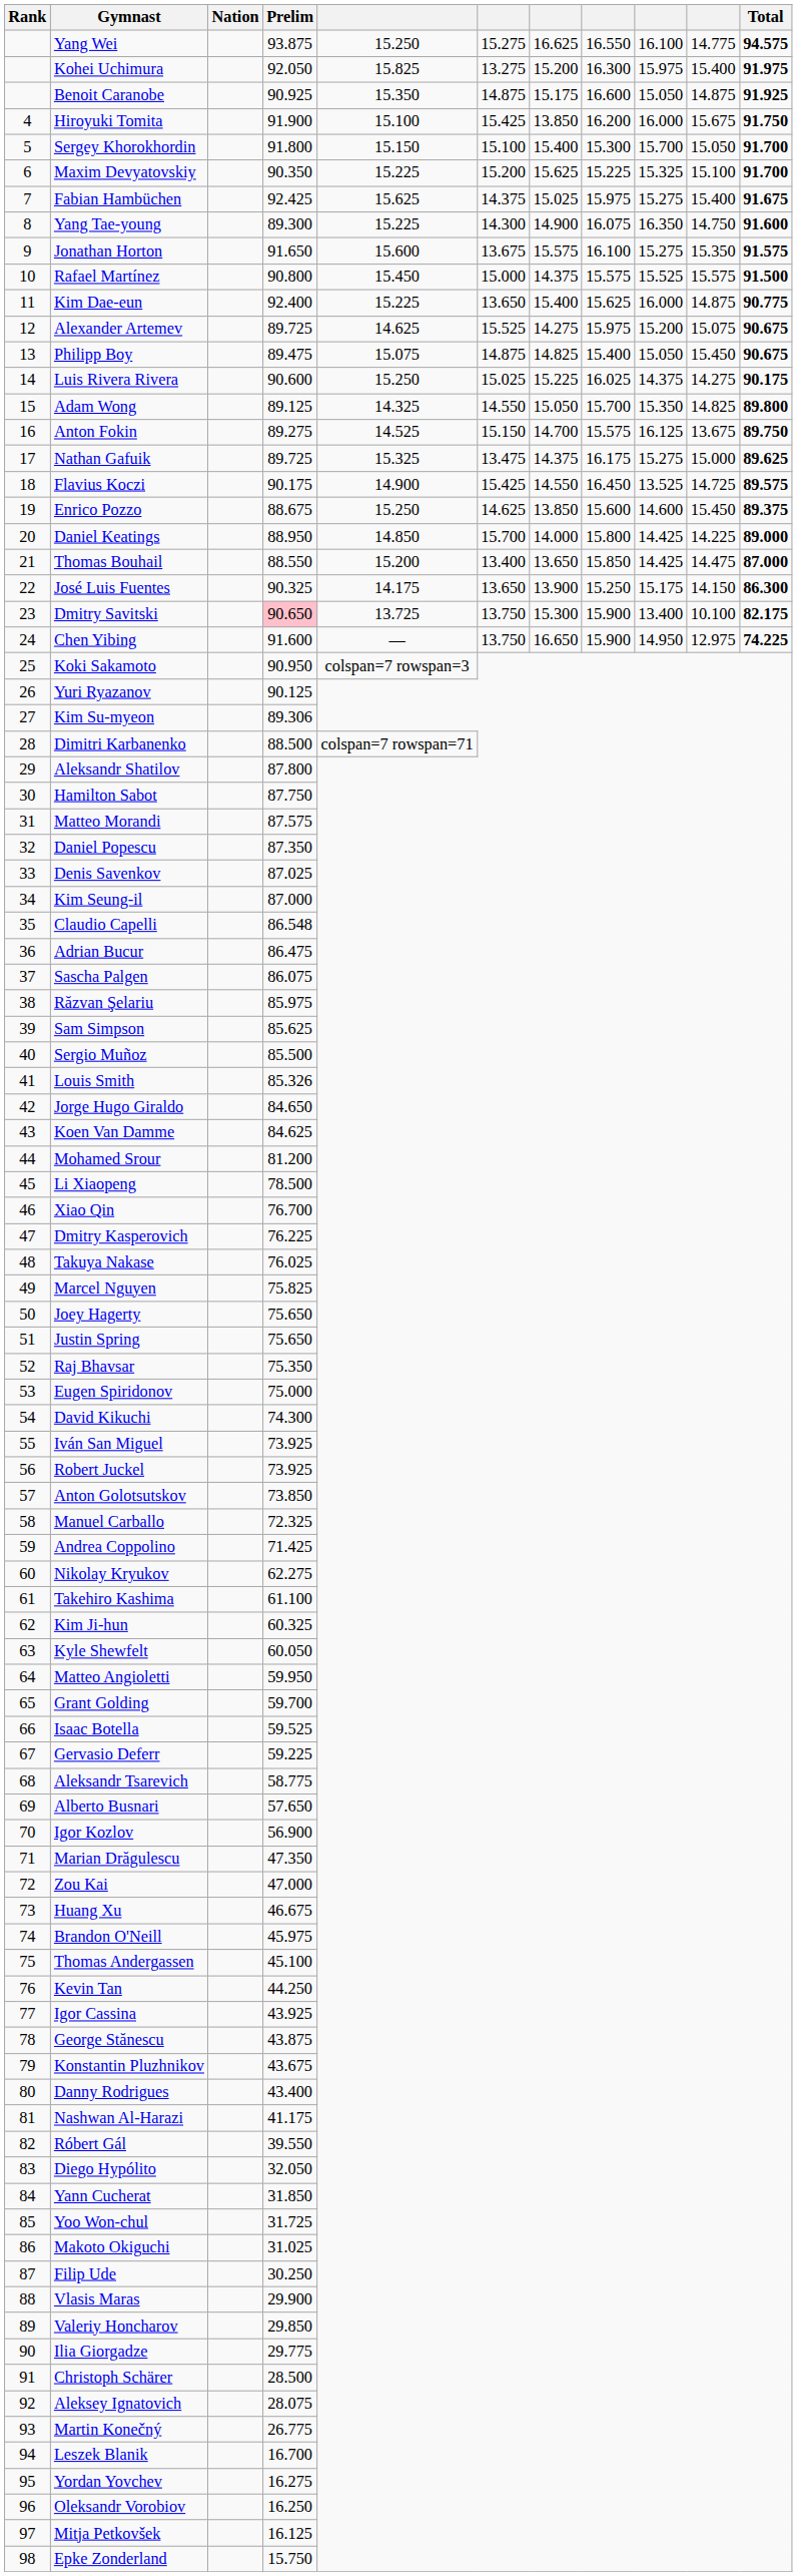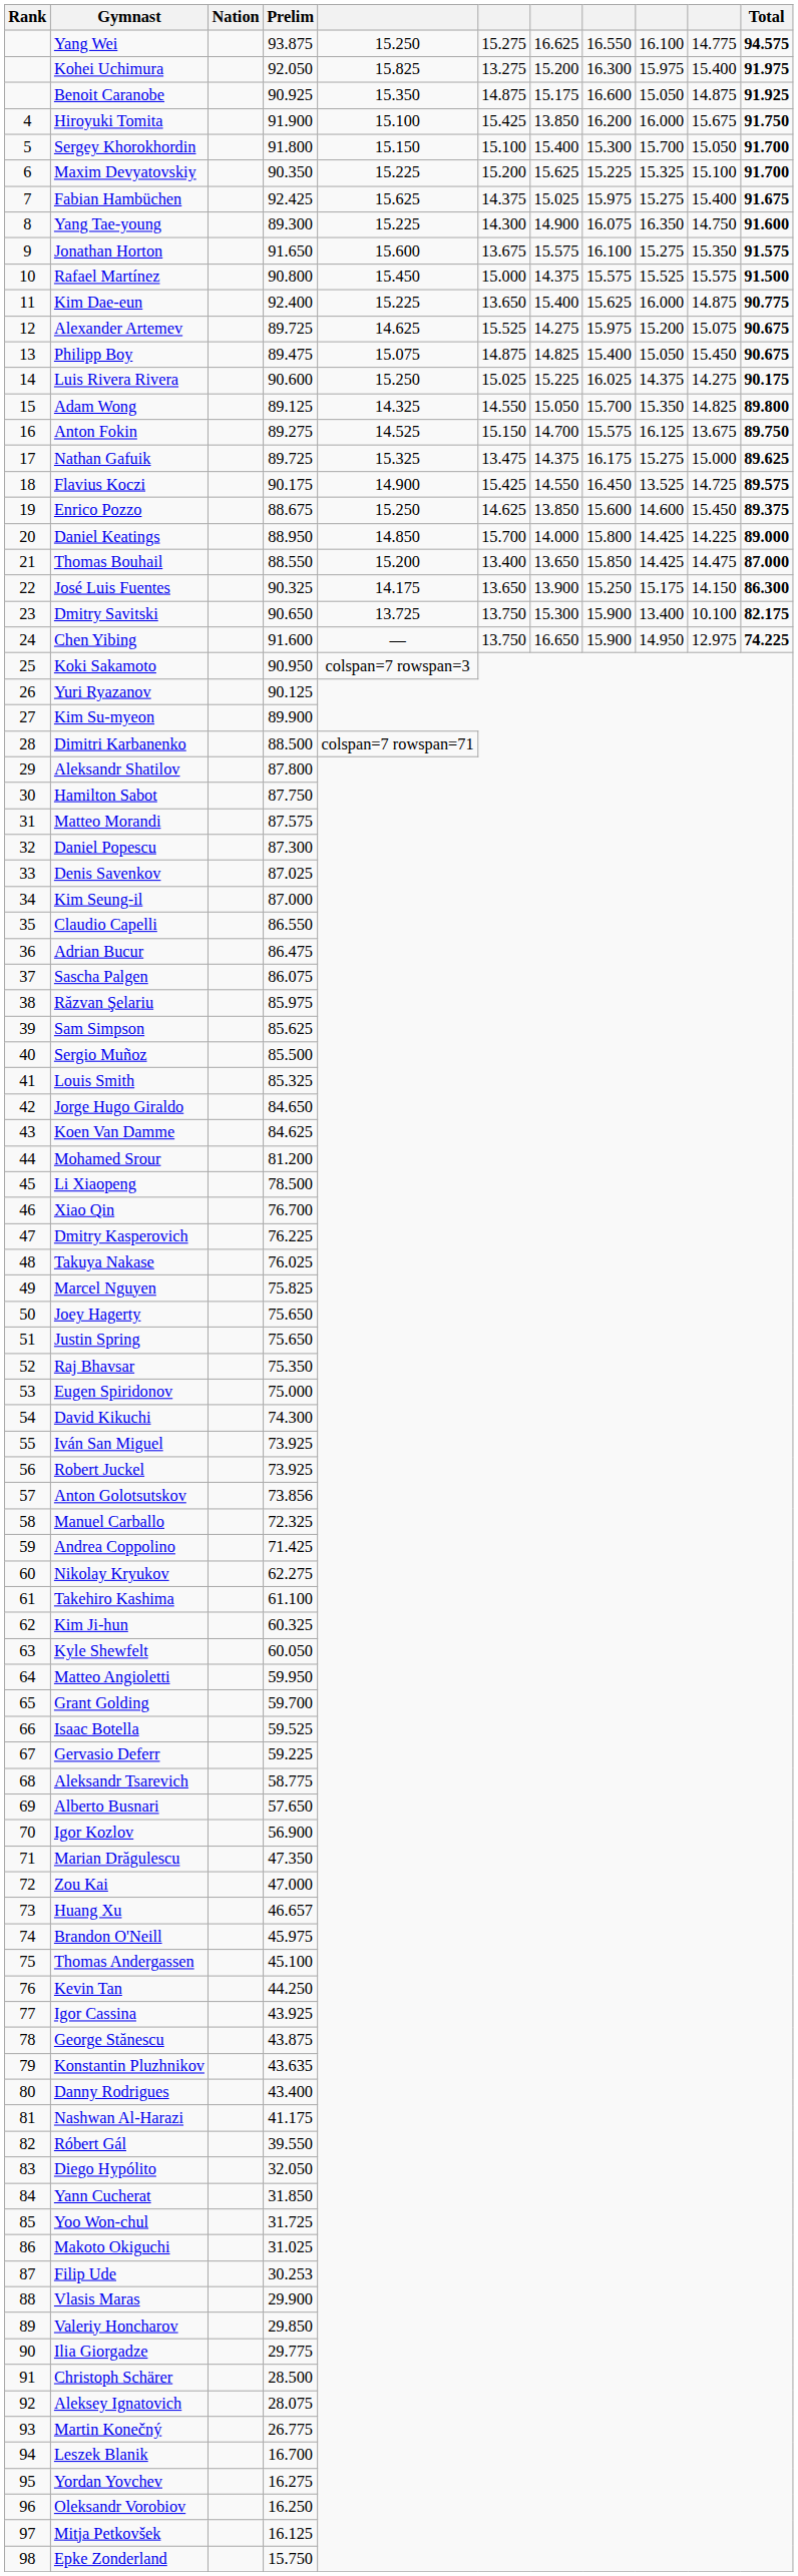 <table class="wikitable sortable" style="text-align:center">
 <tr>
 <th>Rank</th>
 <th>Gymnast</th>
 <th>Nation</th>
 <th>Prelim</th>
 <th></th>
 <th></th>
 <th></th>
 <th></th>
 <th></th>
 <th></th>
 <th>Total</th>
 </tr>
 <tr>
 <td></td>
 <td align=left><a href='#'>Yang Wei</a></td>
 <td align=left></td>
 <td>93.875</td>
 <td>15.250</td>
 <td>15.275</td>
 <td>16.625</td>
 <td>16.550</td>
 <td>16.100</td>
 <td>14.775</td>
 <td><strong>94.575</strong></td>
 </tr>
 <tr>
 <td></td>
 <td align=left><a href='#'>Kohei Uchimura</a></td>
 <td align=left></td>
 <td>92.050</td>
 <td>15.825</td>
 <td>13.275</td>
 <td>15.200</td>
 <td>16.300</td>
 <td>15.975</td>
 <td>15.400</td>
 <td><strong>91.975</strong></td>
 </tr>
 <tr>
 <td></td>
 <td align=left><a href='#'>Benoit Caranobe</a></td>
 <td align=left></td>
 <td>90.925</td>
 <td>15.350</td>
 <td>14.875</td>
 <td>15.175</td>
 <td>16.600</td>
 <td>15.050</td>
 <td>14.875</td>
 <td><strong>91.925</strong></td>
 </tr>
 <tr>
 <td>4</td>
 <td align=left><a href='#'>Hiroyuki Tomita</a></td>
 <td align=left></td>
 <td>91.900</td>
 <td>15.100</td>
 <td>15.425</td>
 <td>13.850</td>
 <td>16.200</td>
 <td>16.000</td>
 <td>15.675</td>
 <td><strong>91.750</strong></td>
 </tr>
 <tr>
 <td>5</td>
 <td align=left><a href='#'>Sergey Khorokhordin</a></td>
 <td align=left></td>
 <td>91.800</td>
 <td>15.150</td>
 <td>15.100</td>
 <td>15.400</td>
 <td>15.300</td>
 <td>15.700</td>
 <td>15.050</td>
 <td><strong>91.700</strong></td>
 </tr>
 <tr>
 <td>6</td>
 <td align=left><a href='#'>Maxim Devyatovskiy</a></td>
 <td align=left></td>
 <td>90.350</td>
 <td>15.225</td>
 <td>15.200</td>
 <td>15.625</td>
 <td>15.225</td>
 <td>15.325</td>
 <td>15.100</td>
 <td><strong>91.700</strong></td>
 </tr>
 <tr>
 <td>7</td>
 <td align=left><a href='#'>Fabian Hambüchen</a></td>
 <td align=left></td>
 <td>92.425</td>
 <td>15.625</td>
 <td>14.375</td>
 <td>15.025</td>
 <td>15.975</td>
 <td>15.275</td>
 <td>15.400</td>
 <td><strong>91.675</strong></td>
 </tr>
 <tr>
 <td>8</td>
 <td align=left><a href='#'>Yang Tae-young</a></td>
 <td align=left></td>
 <td>89.300</td>
 <td>15.225</td>
 <td>14.300</td>
 <td>14.900</td>
 <td>16.075</td>
 <td>16.350</td>
 <td>14.750</td>
 <td><strong>91.600</strong></td>
 </tr>
 <tr>
 <td>9</td>
 <td align=left><a href='#'>Jonathan Horton</a></td>
 <td align=left></td>
 <td>91.650</td>
 <td>15.600</td>
 <td>13.675</td>
 <td>15.575</td>
 <td>16.100</td>
 <td>15.275</td>
 <td>15.350</td>
 <td><strong>91.575</strong></td>
 </tr>
 <tr>
 <td>10</td>
 <td align=left><a href='#'>Rafael Martínez</a></td>
 <td align=left></td>
 <td>90.800</td>
 <td>15.450</td>
 <td>15.000</td>
 <td>14.375</td>
 <td>15.575</td>
 <td>15.525</td>
 <td>15.575</td>
 <td><strong>91.500</strong></td>
 </tr>
 <tr>
 <td>11</td>
 <td align=left><a href='#'>Kim Dae-eun</a></td>
 <td align=left></td>
 <td>92.400</td>
 <td>15.225</td>
 <td>13.650</td>
 <td>15.400</td>
 <td>15.625</td>
 <td>16.000</td>
 <td>14.875</td>
 <td><strong>90.775</strong></td>
 </tr>
 <tr>
 <td>12</td>
 <td align=left><a href='#'>Alexander Artemev</a></td>
 <td align=left></td>
 <td>89.725</td>
 <td>14.625</td>
 <td>15.525</td>
 <td>14.275</td>
 <td>15.975</td>
 <td>15.200</td>
 <td>15.075</td>
 <td><strong>90.675</strong></td>
 </tr>
 <tr>
 <td>13</td>
 <td align=left><a href='#'>Philipp Boy</a></td>
 <td align=left></td>
 <td>89.475</td>
 <td>15.075</td>
 <td>14.875</td>
 <td>14.825</td>
 <td>15.400</td>
 <td>15.050</td>
 <td>15.450</td>
 <td><strong>90.675</strong></td>
 </tr>
 <tr>
 <td>14</td>
 <td align=left><a href='#'>Luis Rivera Rivera</a></td>
 <td align=left></td>
 <td>90.600</td>
 <td>15.250</td>
 <td>15.025</td>
 <td>15.225</td>
 <td>16.025</td>
 <td>14.375</td>
 <td>14.275</td>
 <td><strong>90.175</strong></td>
 </tr>
 <tr>
 <td>15</td>
 <td align=left><a href='#'>Adam Wong</a></td>
 <td align=left></td>
 <td>89.125</td>
 <td>14.325</td>
 <td>14.550</td>
 <td>15.050</td>
 <td>15.700</td>
 <td>15.350</td>
 <td>14.825</td>
 <td><strong>89.800</strong></td>
 </tr>
 <tr>
 <td>16</td>
 <td align=left><a href='#'>Anton Fokin</a></td>
 <td align=left></td>
 <td>89.275</td>
 <td>14.525</td>
 <td>15.150</td>
 <td>14.700</td>
 <td>15.575</td>
 <td>16.125</td>
 <td>13.675</td>
 <td><strong>89.750</strong></td>
 </tr>
 <tr>
 <td>17</td>
 <td align=left><a href='#'>Nathan Gafuik</a></td>
 <td align=left></td>
 <td>89.725</td>
 <td>15.325</td>
 <td>13.475</td>
 <td>14.375</td>
 <td>16.175</td>
 <td>15.275</td>
 <td>15.000</td>
 <td><strong>89.625</strong></td>
 </tr>
 <tr>
 <td>18</td>
 <td align=left><a href='#'>Flavius Koczi</a></td>
 <td align=left></td>
 <td>90.175</td>
 <td>14.900</td>
 <td>15.425</td>
 <td>14.550</td>
 <td>16.450</td>
 <td>13.525</td>
 <td>14.725</td>
 <td><strong>89.575</strong></td>
 </tr>
 <tr>
 <td>19</td>
 <td align=left><a href='#'>Enrico Pozzo</a></td>
 <td align=left></td>
 <td>88.675</td>
 <td>15.250</td>
 <td>14.625</td>
 <td>13.850</td>
 <td>15.600</td>
 <td>14.600</td>
 <td>15.450</td>
 <td><strong>89.375</strong></td>
 </tr>
 <tr>
 <td>20</td>
 <td align=left><a href='#'>Daniel Keatings</a></td>
 <td align=left></td>
 <td>88.950</td>
 <td>14.850</td>
 <td>15.700</td>
 <td>14.000</td>
 <td>15.800</td>
 <td>14.425</td>
 <td>14.225</td>
 <td><strong>89.000</strong></td>
 </tr>
 <tr>
 <td>21</td>
 <td align=left><a href='#'>Thomas Bouhail</a></td>
 <td align=left></td>
 <td>88.550</td>
 <td>15.200</td>
 <td>13.400</td>
 <td>13.650</td>
 <td>15.850</td>
 <td>14.425</td>
 <td>14.475</td>
 <td><strong>87.000</strong></td>
 </tr>
 <tr>
 <td>22</td>
 <td align=left><a href='#'>José Luis Fuentes</a></td>
 <td align=left></td>
 <td>90.325</td>
 <td>14.175</td>
 <td>13.650</td>
 <td>13.900</td>
 <td>15.250</td>
 <td>15.175</td>
 <td>14.150</td>
 <td><strong>86.300</strong></td>
 </tr>
 <tr>
 <td>23</td>
 <td align=left><a href='#'>Dmitry Savitski</a></td>
 <td align=left></td>
-<td style="background: pink;">90.650</td>
+<td>90.650</td>
 <td>13.725</td>
 <td>13.750</td>
 <td>15.300</td>
 <td>15.900</td>
 <td>13.400</td>
 <td>10.100</td>
 <td><strong>82.175</strong></td>
 </tr>
 <tr>
 <td>24</td>
 <td align=left><a href='#'>Chen Yibing</a></td>
 <td align=left></td>
 <td>91.600</td>
 <td data-sort-value=0.000>—</td>
 <td>13.750</td>
 <td>16.650</td>
 <td>15.900</td>
 <td>14.950</td>
 <td>12.975</td>
 <td><strong>74.225</strong></td>
 </tr>
 <tr>
 <td>25</td>
 <td align=left><a href='#'>Koki Sakamoto</a></td>
 <td align=left></td>
 <td>90.950</td>
 <td>colspan=7 rowspan=3 </td>
 </tr>
 <tr>
 <td>26</td>
 <td align=left><a href='#'>Yuri Ryazanov</a></td>
 <td align=left></td>
 <td>90.125</td>
 </tr>
 <tr>
 <td>27</td>
 <td align=left><a href='#'>Kim Su-myeon</a></td>
 <td align=left></td>
-<td>89.306</td>
+<td>89.900</td>
 </tr>
 <tr>
 <td>28</td>
 <td align=left><a href='#'>Dimitri Karbanenko</a></td>
 <td align=left></td>
 <td>88.500</td>
 <td>colspan=7 rowspan=71 </td>
 </tr>
 <tr>
 <td>29</td>
 <td align=left><a href='#'>Aleksandr Shatilov</a></td>
 <td align=left></td>
 <td>87.800</td>
 </tr>
 <tr>
 <td>30</td>
 <td align=left><a href='#'>Hamilton Sabot</a></td>
 <td align=left></td>
 <td>87.750</td>
 </tr>
 <tr>
 <td>31</td>
 <td align=left><a href='#'>Matteo Morandi</a></td>
 <td align=left></td>
 <td>87.575</td>
 </tr>
 <tr>
 <td>32</td>
 <td align=left><a href='#'>Daniel Popescu</a></td>
 <td align=left></td>
-<td>87.350</td>
+<td>87.300</td>
 </tr>
 <tr>
 <td>33</td>
 <td align=left><a href='#'>Denis Savenkov</a></td>
 <td align=left></td>
 <td>87.025</td>
 </tr>
 <tr>
 <td>34</td>
 <td align=left><a href='#'>Kim Seung-il</a></td>
 <td align=left></td>
 <td>87.000</td>
 </tr>
 <tr>
 <td>35</td>
 <td align=left><a href='#'>Claudio Capelli</a></td>
 <td align=left></td>
-<td>86.548</td>
+<td>86.550</td>
 </tr>
 <tr>
 <td>36</td>
 <td align=left><a href='#'>Adrian Bucur</a></td>
 <td align=left></td>
 <td>86.475</td>
 </tr>
 <tr>
 <td>37</td>
 <td align=left><a href='#'>Sascha Palgen</a></td>
 <td align=left></td>
 <td>86.075</td>
 </tr>
 <tr>
 <td>38</td>
 <td align=left><a href='#'>Răzvan Şelariu</a></td>
 <td align=left></td>
 <td>85.975</td>
 </tr>
 <tr>
 <td>39</td>
 <td align=left><a href='#'>Sam Simpson</a></td>
 <td align=left></td>
 <td>85.625</td>
 </tr>
 <tr>
 <td>40</td>
 <td align=left><a href='#'>Sergio Muñoz</a></td>
 <td align=left></td>
 <td>85.500</td>
 </tr>
 <tr>
 <td>41</td>
 <td align=left><a href='#'>Louis Smith</a></td>
 <td align=left></td>
-<td>85.326</td>
+<td>85.325</td>
 </tr>
 <tr>
 <td>42</td>
 <td align=left><a href='#'>Jorge Hugo Giraldo</a></td>
 <td align=left></td>
 <td>84.650</td>
 </tr>
 <tr>
 <td>43</td>
 <td align=left><a href='#'>Koen Van Damme</a></td>
 <td align=left></td>
 <td>84.625</td>
 </tr>
 <tr>
 <td>44</td>
 <td align=left><a href='#'>Mohamed Srour</a></td>
 <td align=left></td>
 <td>81.200</td>
 </tr>
 <tr>
 <td>45</td>
 <td align=left><a href='#'>Li Xiaopeng</a></td>
 <td align=left></td>
 <td>78.500</td>
 </tr>
 <tr>
 <td>46</td>
 <td align=left><a href='#'>Xiao Qin</a></td>
 <td align=left></td>
 <td>76.700</td>
 </tr>
 <tr>
 <td>47</td>
 <td align=left><a href='#'>Dmitry Kasperovich</a></td>
 <td align=left></td>
 <td>76.225</td>
 </tr>
 <tr>
 <td>48</td>
 <td align=left><a href='#'>Takuya Nakase</a></td>
 <td align=left></td>
 <td>76.025</td>
 </tr>
 <tr>
 <td>49</td>
 <td align=left><a href='#'>Marcel Nguyen</a></td>
 <td align=left></td>
 <td>75.825</td>
 </tr>
 <tr>
 <td>50</td>
 <td align=left><a href='#'>Joey Hagerty</a></td>
 <td align=left></td>
 <td>75.650</td>
 </tr>
 <tr>
 <td>51</td>
 <td align=left><a href='#'>Justin Spring</a></td>
 <td align=left></td>
 <td>75.650</td>
 </tr>
 <tr>
 <td>52</td>
 <td align=left><a href='#'>Raj Bhavsar</a></td>
 <td align=left></td>
 <td>75.350</td>
 </tr>
 <tr>
 <td>53</td>
 <td align=left><a href='#'>Eugen Spiridonov</a></td>
 <td align=left></td>
 <td>75.000</td>
 </tr>
 <tr>
 <td>54</td>
 <td align=left><a href='#'>David Kikuchi</a></td>
 <td align=left></td>
 <td>74.300</td>
 </tr>
 <tr>
 <td>55</td>
 <td align=left><a href='#'>Iván San Miguel</a></td>
 <td align=left></td>
 <td>73.925</td>
 </tr>
 <tr>
 <td>56</td>
 <td align=left><a href='#'>Robert Juckel</a></td>
 <td align=left></td>
 <td>73.925</td>
 </tr>
 <tr>
 <td>57</td>
 <td align=left><a href='#'>Anton Golotsutskov</a></td>
 <td align=left></td>
-<td>73.850</td>
+<td>73.856</td>
 </tr>
 <tr>
 <td>58</td>
 <td align=left><a href='#'>Manuel Carballo</a></td>
 <td align=left></td>
 <td>72.325</td>
 </tr>
 <tr>
 <td>59</td>
 <td align=left><a href='#'>Andrea Coppolino</a></td>
 <td align=left></td>
 <td>71.425</td>
 </tr>
 <tr>
 <td>60</td>
 <td align=left><a href='#'>Nikolay Kryukov</a></td>
 <td align=left></td>
 <td>62.275</td>
 </tr>
 <tr>
 <td>61</td>
 <td align=left><a href='#'>Takehiro Kashima</a></td>
 <td align=left></td>
 <td>61.100</td>
 </tr>
 <tr>
 <td>62</td>
 <td align=left><a href='#'>Kim Ji-hun</a></td>
 <td align=left></td>
 <td>60.325</td>
 </tr>
 <tr>
 <td>63</td>
 <td align=left><a href='#'>Kyle Shewfelt</a></td>
 <td align=left></td>
 <td>60.050</td>
 </tr>
 <tr>
 <td>64</td>
 <td align=left><a href='#'>Matteo Angioletti</a></td>
 <td align=left></td>
 <td>59.950</td>
 </tr>
 <tr>
 <td>65</td>
 <td align=left><a href='#'>Grant Golding</a></td>
 <td align=left></td>
 <td>59.700</td>
 </tr>
 <tr>
 <td>66</td>
 <td align=left><a href='#'>Isaac Botella</a></td>
 <td align=left></td>
 <td>59.525</td>
 </tr>
 <tr>
 <td>67</td>
 <td align=left><a href='#'>Gervasio Deferr</a></td>
 <td align=left></td>
 <td>59.225</td>
 </tr>
 <tr>
 <td>68</td>
 <td align=left><a href='#'>Aleksandr Tsarevich</a></td>
 <td align=left></td>
 <td>58.775</td>
 </tr>
 <tr>
 <td>69</td>
 <td align=left><a href='#'>Alberto Busnari</a></td>
 <td align=left></td>
 <td>57.650</td>
 </tr>
 <tr>
 <td>70</td>
 <td align=left><a href='#'>Igor Kozlov</a></td>
 <td align=left></td>
 <td>56.900</td>
 </tr>
 <tr>
 <td>71</td>
 <td align=left><a href='#'>Marian Drăgulescu</a></td>
 <td align=left></td>
 <td>47.350</td>
 </tr>
 <tr>
 <td>72</td>
 <td align=left><a href='#'>Zou Kai</a></td>
 <td align=left></td>
 <td>47.000</td>
 </tr>
 <tr>
 <td>73</td>
 <td align=left><a href='#'>Huang Xu</a></td>
 <td align=left></td>
-<td>46.675</td>
+<td>46.657</td>
 </tr>
 <tr>
 <td>74</td>
 <td align=left><a href='#'>Brandon O'Neill</a></td>
 <td align=left></td>
 <td>45.975</td>
 </tr>
 <tr>
 <td>75</td>
 <td align=left><a href='#'>Thomas Andergassen</a></td>
 <td align=left></td>
 <td>45.100</td>
 </tr>
 <tr>
 <td>76</td>
 <td align=left><a href='#'>Kevin Tan</a></td>
 <td align=left></td>
 <td>44.250</td>
 </tr>
 <tr>
 <td>77</td>
 <td align=left><a href='#'>Igor Cassina</a></td>
 <td align=left></td>
 <td>43.925</td>
 </tr>
 <tr>
 <td>78</td>
 <td align=left><a href='#'>George Stănescu</a></td>
 <td align=left></td>
 <td>43.875</td>
 </tr>
 <tr>
 <td>79</td>
 <td align=left><a href='#'>Konstantin Pluzhnikov</a></td>
 <td align=left></td>
-<td>43.675</td>
+<td>43.635</td>
 </tr>
 <tr>
 <td>80</td>
 <td align=left><a href='#'>Danny Rodrigues</a></td>
 <td align=left></td>
 <td>43.400</td>
 </tr>
 <tr>
 <td>81</td>
 <td align=left><a href='#'>Nashwan Al-Harazi</a></td>
 <td align=left></td>
 <td>41.175</td>
 </tr>
 <tr>
 <td>82</td>
 <td align=left><a href='#'>Róbert Gál</a></td>
 <td align=left></td>
 <td>39.550</td>
 </tr>
 <tr>
 <td>83</td>
 <td align=left><a href='#'>Diego Hypólito</a></td>
 <td align=left></td>
 <td>32.050</td>
 </tr>
 <tr>
 <td>84</td>
 <td align=left><a href='#'>Yann Cucherat</a></td>
 <td align=left></td>
 <td>31.850</td>
 </tr>
 <tr>
 <td>85</td>
 <td align=left><a href='#'>Yoo Won-chul</a></td>
 <td align=left></td>
 <td>31.725</td>
 </tr>
 <tr>
 <td>86</td>
 <td align=left><a href='#'>Makoto Okiguchi</a></td>
 <td align=left></td>
 <td>31.025</td>
 </tr>
 <tr>
 <td>87</td>
 <td align=left><a href='#'>Filip Ude</a></td>
 <td align=left></td>
-<td>30.250</td>
+<td>30.253</td>
 </tr>
 <tr>
 <td>88</td>
 <td align=left><a href='#'>Vlasis Maras</a></td>
 <td align=left></td>
 <td>29.900</td>
 </tr>
 <tr>
 <td>89</td>
 <td align=left><a href='#'>Valeriy Honcharov</a></td>
 <td align=left></td>
 <td>29.850</td>
 </tr>
 <tr>
 <td>90</td>
 <td align=left><a href='#'>Ilia Giorgadze</a></td>
 <td align=left></td>
 <td>29.775</td>
 </tr>
 <tr>
 <td>91</td>
 <td align=left><a href='#'>Christoph Schärer</a></td>
 <td align=left></td>
 <td>28.500</td>
 </tr>
 <tr>
 <td>92</td>
 <td align=left><a href='#'>Aleksey Ignatovich</a></td>
 <td align=left></td>
 <td>28.075</td>
 </tr>
 <tr>
 <td>93</td>
 <td align=left><a href='#'>Martin Konečný</a></td>
 <td align=left></td>
 <td>26.775</td>
 </tr>
 <tr>
 <td>94</td>
 <td align=left><a href='#'>Leszek Blanik</a></td>
 <td align=left></td>
 <td>16.700</td>
 </tr>
 <tr>
 <td>95</td>
 <td align=left><a href='#'>Yordan Yovchev</a></td>
 <td align=left></td>
 <td>16.275</td>
 </tr>
 <tr>
 <td>96</td>
 <td align=left><a href='#'>Oleksandr Vorobiov</a></td>
 <td align=left></td>
 <td>16.250</td>
 </tr>
 <tr>
 <td>97</td>
 <td align=left><a href='#'>Mitja Petkovšek</a></td>
 <td align=left></td>
 <td>16.125</td>
 </tr>
 <tr>
 <td>98</td>
 <td align=left><a href='#'>Epke Zonderland</a></td>
 <td align=left></td>
 <td>15.750</td>
 </tr>
 </table>
